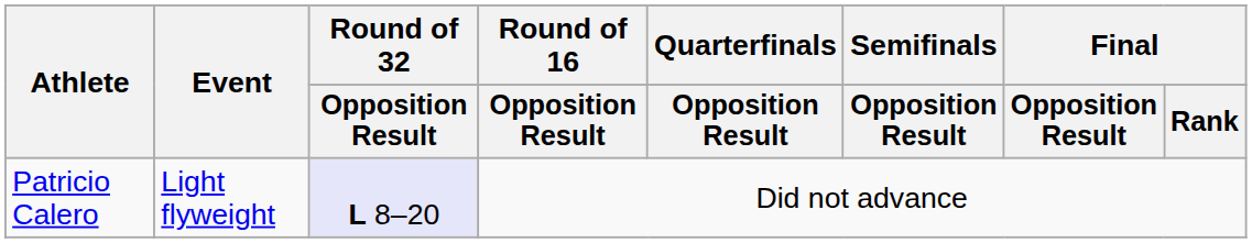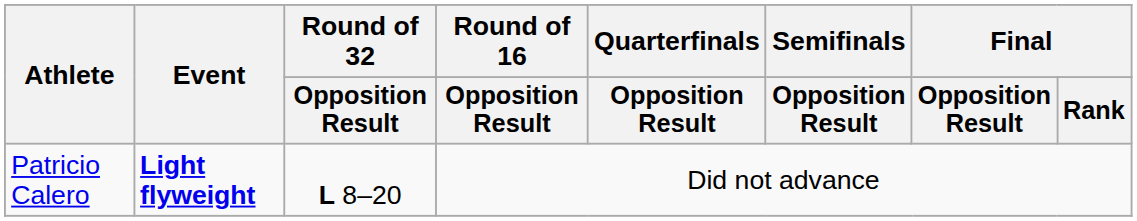 <table class="wikitable" style="font-size:90%">
 <tr>
 <th rowspan="2">Athlete</th>
 <th rowspan="2">Event</th>
 <th>Round of 32</th>
 <th>Round of 16</th>
 <th>Quarterfinals</th>
 <th>Semifinals</th>
 <th colspan=2>Final</th>
 </tr>
 <tr style="font-size:95%">
 <th>Opposition<br>Result</th>
 <th>Opposition<br>Result</th>
 <th>Opposition<br>Result</th>
 <th>Opposition<br>Result</th>
 <th>Opposition<br>Result</th>
 <th>Rank</th>
 </tr>
 <tr align=center>
 <td align=left><a href='#'>Patricio Calero</a></td>
-<td align=left><a href='#'>Light flyweight</a></td>
-<td style="background: lavender;"><br><strong>L</strong> 8–20</td>
+<td align=left><strong><a href='#'>Light flyweight</a></strong></td>
+<td><br><strong>L</strong> 8–20</td>
 <td colspan=5>Did not advance</td>
 </tr>
 </table>
